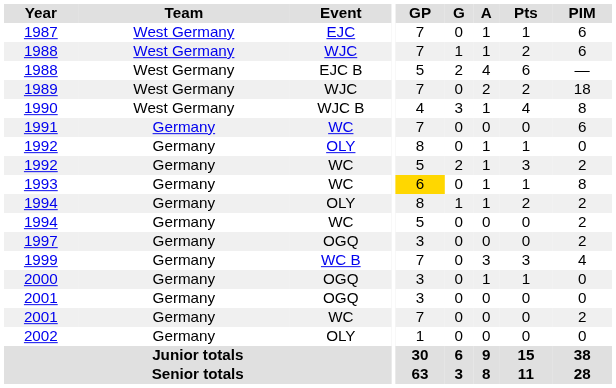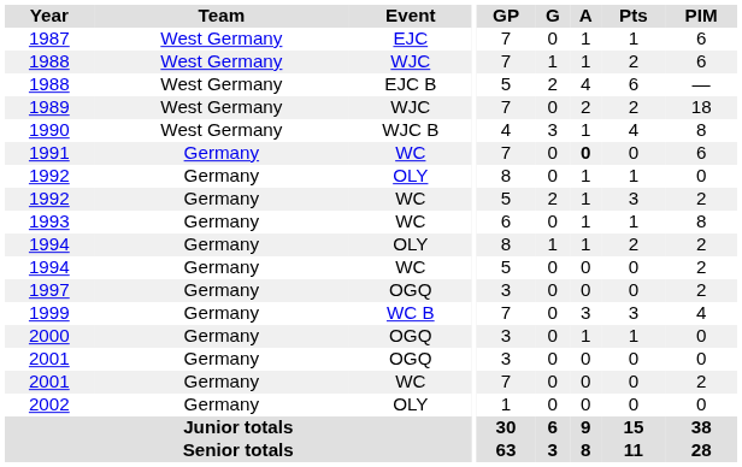 <table border="0" cellpadding="1" cellspacing="0" ID="Table3" style="text-align:center; width:40em">
 <tr bgcolor="#e0e0e0">
 <th>Year</th>
 <th>Team</th>
 <th>Event</th>
 <th rowspan="102" bgcolor="#ffffff"></th>
 <th>GP</th>
 <th>G</th>
 <th>A</th>
 <th>Pts</th>
 <th>PIM</th>
 </tr>
 <tr>
 <td><a href='#'>1987</a></td>
 <td><a href='#'>West Germany</a></td>
 <td><a href='#'>EJC</a></td>
 <td>7</td>
 <td>0</td>
 <td>1</td>
 <td>1</td>
 <td>6</td>
 </tr>
 <tr bgcolor="#f0f0f0">
 <td><a href='#'>1988</a></td>
 <td><a href='#'>West Germany</a></td>
 <td><a href='#'>WJC</a></td>
 <td>7</td>
 <td>1</td>
 <td>1</td>
 <td>2</td>
 <td>6</td>
 </tr>
 <tr>
 <td><a href='#'>1988</a></td>
 <td>West Germany</td>
 <td>EJC B</td>
 <td>5</td>
 <td>2</td>
 <td>4</td>
 <td>6</td>
 <td>—</td>
 </tr>
 <tr bgcolor="#f0f0f0">
 <td><a href='#'>1989</a></td>
 <td>West Germany</td>
 <td>WJC</td>
 <td>7</td>
 <td>0</td>
 <td>2</td>
 <td>2</td>
 <td>18</td>
 </tr>
 <tr>
 <td><a href='#'>1990</a></td>
 <td>West Germany</td>
 <td>WJC B</td>
 <td>4</td>
 <td>3</td>
 <td>1</td>
 <td>4</td>
 <td>8</td>
 </tr>
 <tr bgcolor="#f0f0f0">
 <td><a href='#'>1991</a></td>
 <td><a href='#'>Germany</a></td>
 <td><a href='#'>WC</a></td>
 <td>7</td>
 <td>0</td>
-<td>0</td>
+<td><strong>0</strong></td>
 <td>0</td>
 <td>6</td>
 </tr>
 <tr>
 <td><a href='#'>1992</a></td>
 <td>Germany</td>
 <td><a href='#'>OLY</a></td>
 <td>8</td>
 <td>0</td>
 <td>1</td>
 <td>1</td>
 <td>0</td>
 </tr>
 <tr bgcolor="#f0f0f0">
 <td><a href='#'>1992</a></td>
 <td>Germany</td>
 <td>WC</td>
 <td>5</td>
 <td>2</td>
 <td>1</td>
 <td>3</td>
 <td>2</td>
 </tr>
 <tr>
 <td><a href='#'>1993</a></td>
 <td>Germany</td>
 <td>WC</td>
-<td style="background: gold;">6</td>
+<td>6</td>
 <td>0</td>
 <td>1</td>
 <td>1</td>
 <td>8</td>
 </tr>
 <tr bgcolor="#f0f0f0">
 <td><a href='#'>1994</a></td>
 <td>Germany</td>
 <td>OLY</td>
 <td>8</td>
 <td>1</td>
 <td>1</td>
 <td>2</td>
 <td>2</td>
 </tr>
 <tr>
 <td><a href='#'>1994</a></td>
 <td>Germany</td>
 <td>WC</td>
 <td>5</td>
 <td>0</td>
 <td>0</td>
 <td>0</td>
 <td>2</td>
 </tr>
 <tr bgcolor="#f0f0f0">
 <td><a href='#'>1997</a></td>
 <td>Germany</td>
 <td>OGQ</td>
 <td>3</td>
 <td>0</td>
 <td>0</td>
 <td>0</td>
 <td>2</td>
 </tr>
 <tr>
 <td><a href='#'>1999</a></td>
 <td>Germany</td>
 <td><a href='#'>WC B</a></td>
 <td>7</td>
 <td>0</td>
 <td>3</td>
 <td>3</td>
 <td>4</td>
 </tr>
 <tr bgcolor="#f0f0f0">
 <td><a href='#'>2000</a></td>
 <td>Germany</td>
 <td>OGQ</td>
 <td>3</td>
 <td>0</td>
 <td>1</td>
 <td>1</td>
 <td>0</td>
 </tr>
 <tr>
 <td><a href='#'>2001</a></td>
 <td>Germany</td>
 <td>OGQ</td>
 <td>3</td>
 <td>0</td>
 <td>0</td>
 <td>0</td>
 <td>0</td>
 </tr>
 <tr bgcolor="#f0f0f0">
 <td><a href='#'>2001</a></td>
 <td>Germany</td>
 <td>WC</td>
 <td>7</td>
 <td>0</td>
 <td>0</td>
 <td>0</td>
 <td>2</td>
 </tr>
 <tr>
 <td><a href='#'>2002</a></td>
 <td>Germany</td>
 <td>OLY</td>
 <td>1</td>
 <td>0</td>
 <td>0</td>
 <td>0</td>
 <td>0</td>
 </tr>
 <tr bgcolor="#e0e0e0">
 <th colspan="3">Junior totals</th>
 <th>30</th>
 <th>6</th>
 <th>9</th>
 <th>15</th>
 <th>38</th>
 </tr>
 <tr bgcolor="#e0e0e0">
 <th colspan="3">Senior totals</th>
 <th>63</th>
 <th>3</th>
 <th>8</th>
 <th>11</th>
 <th>28</th>
 </tr>
 </table>
